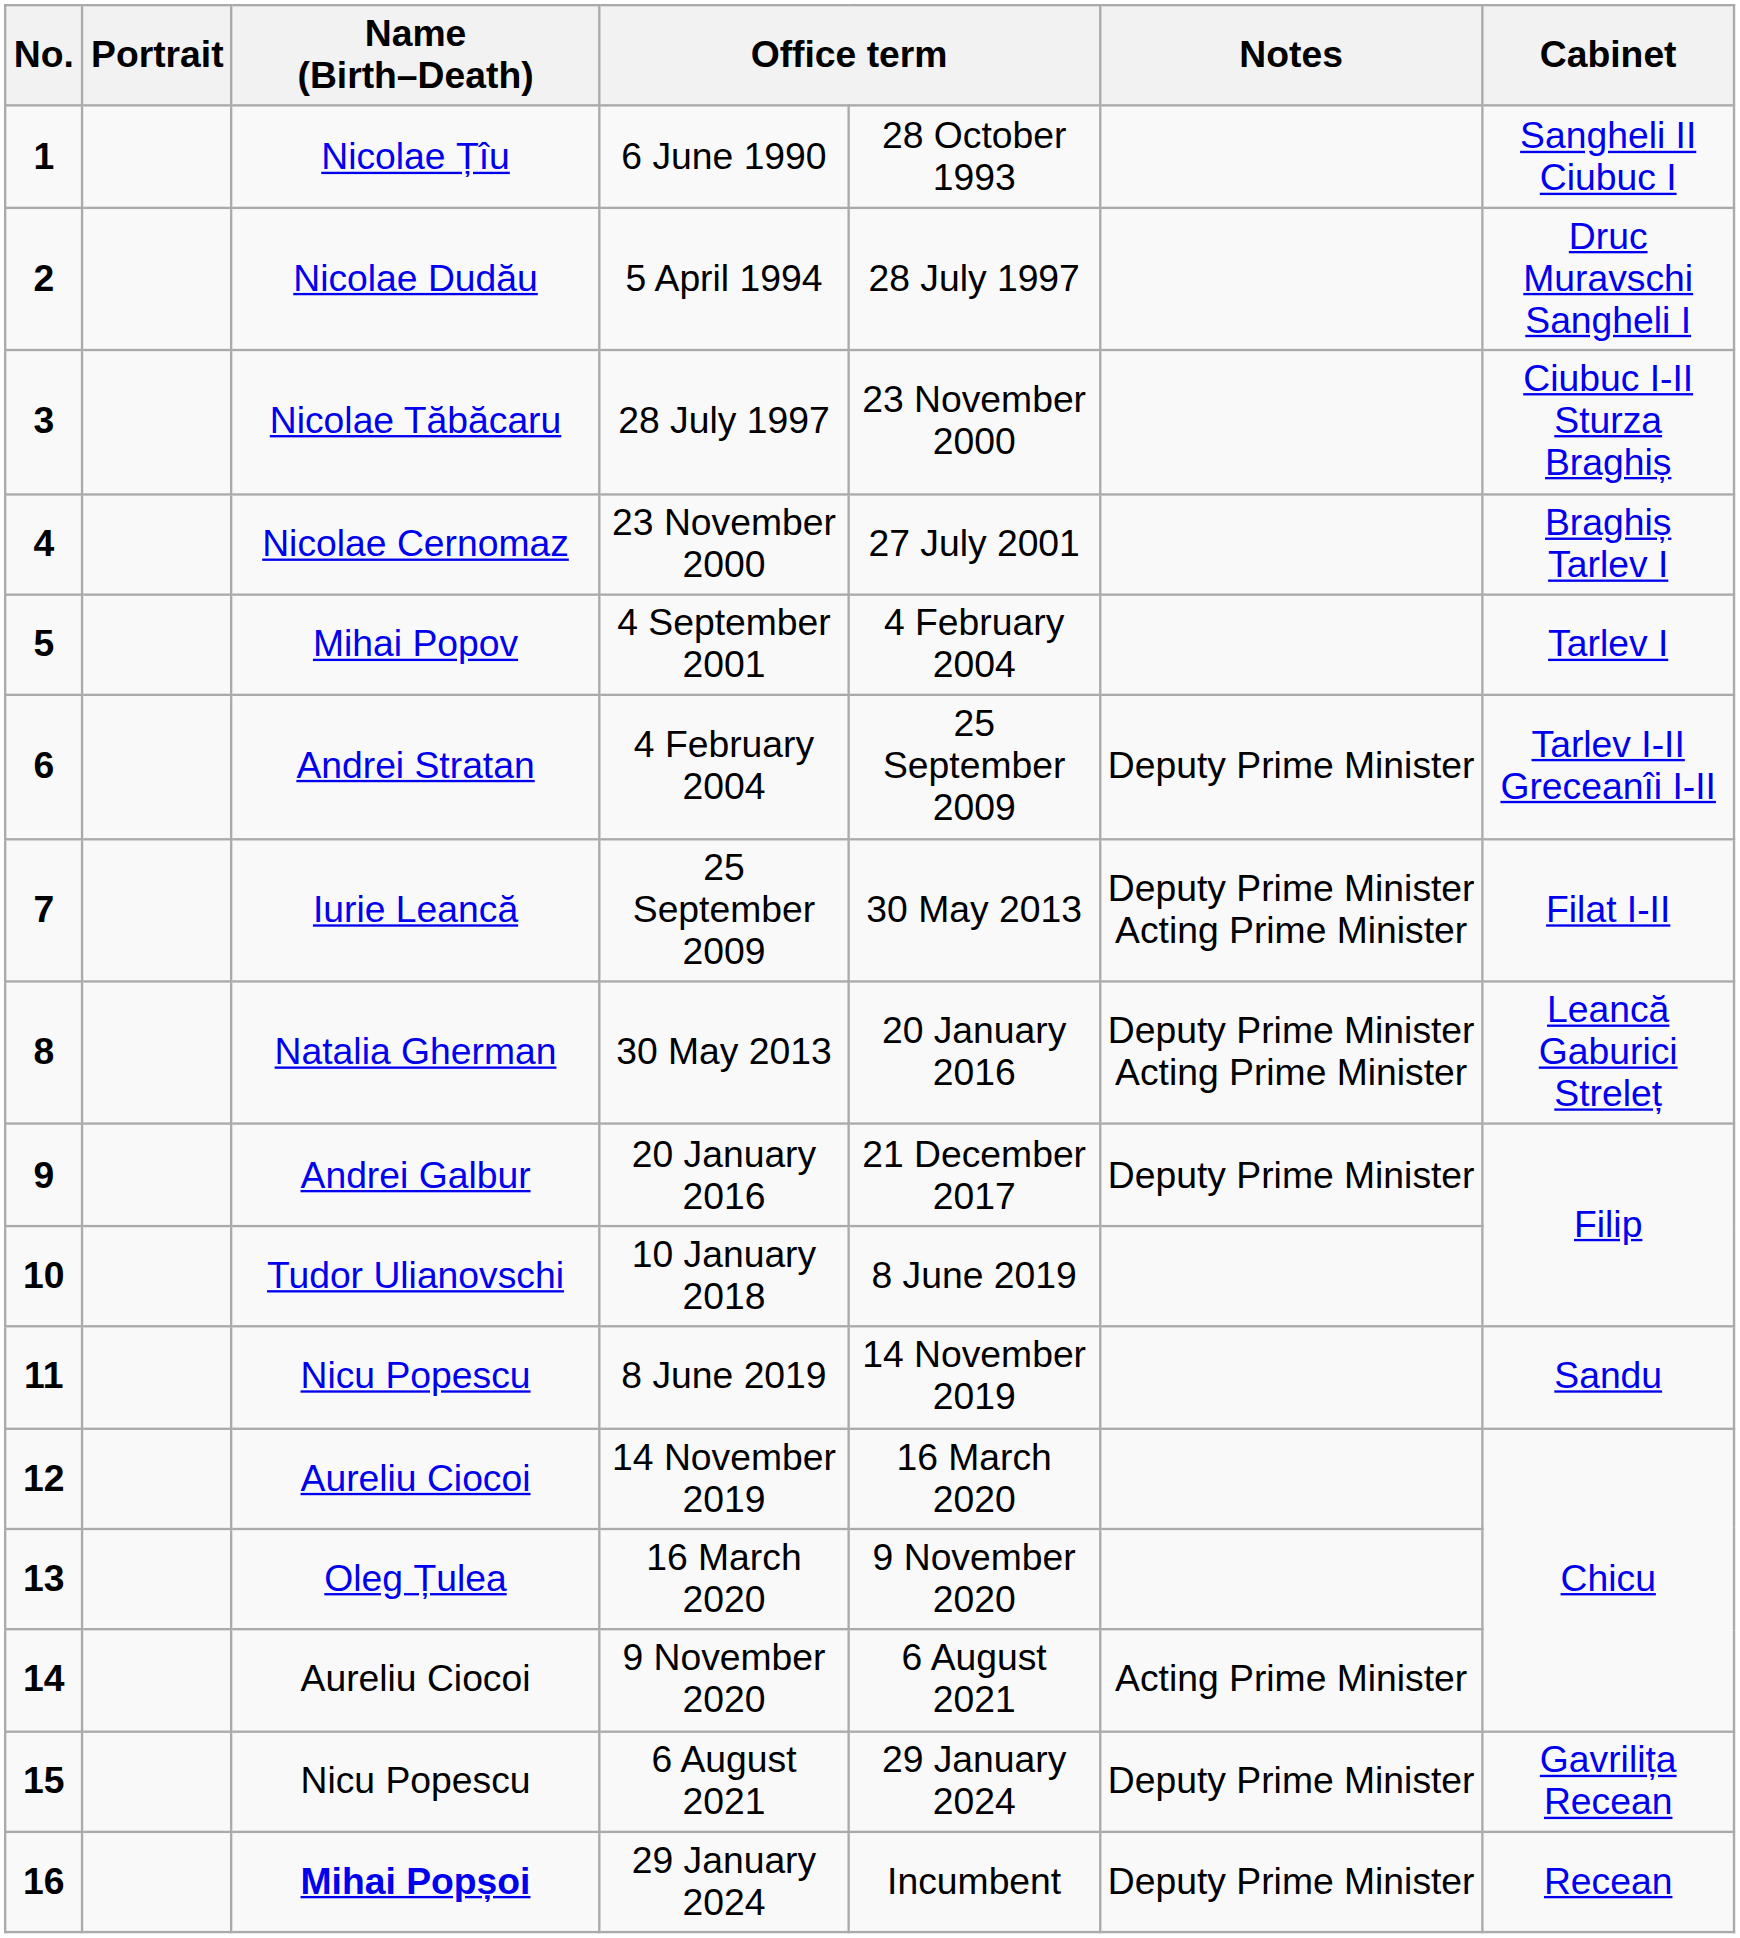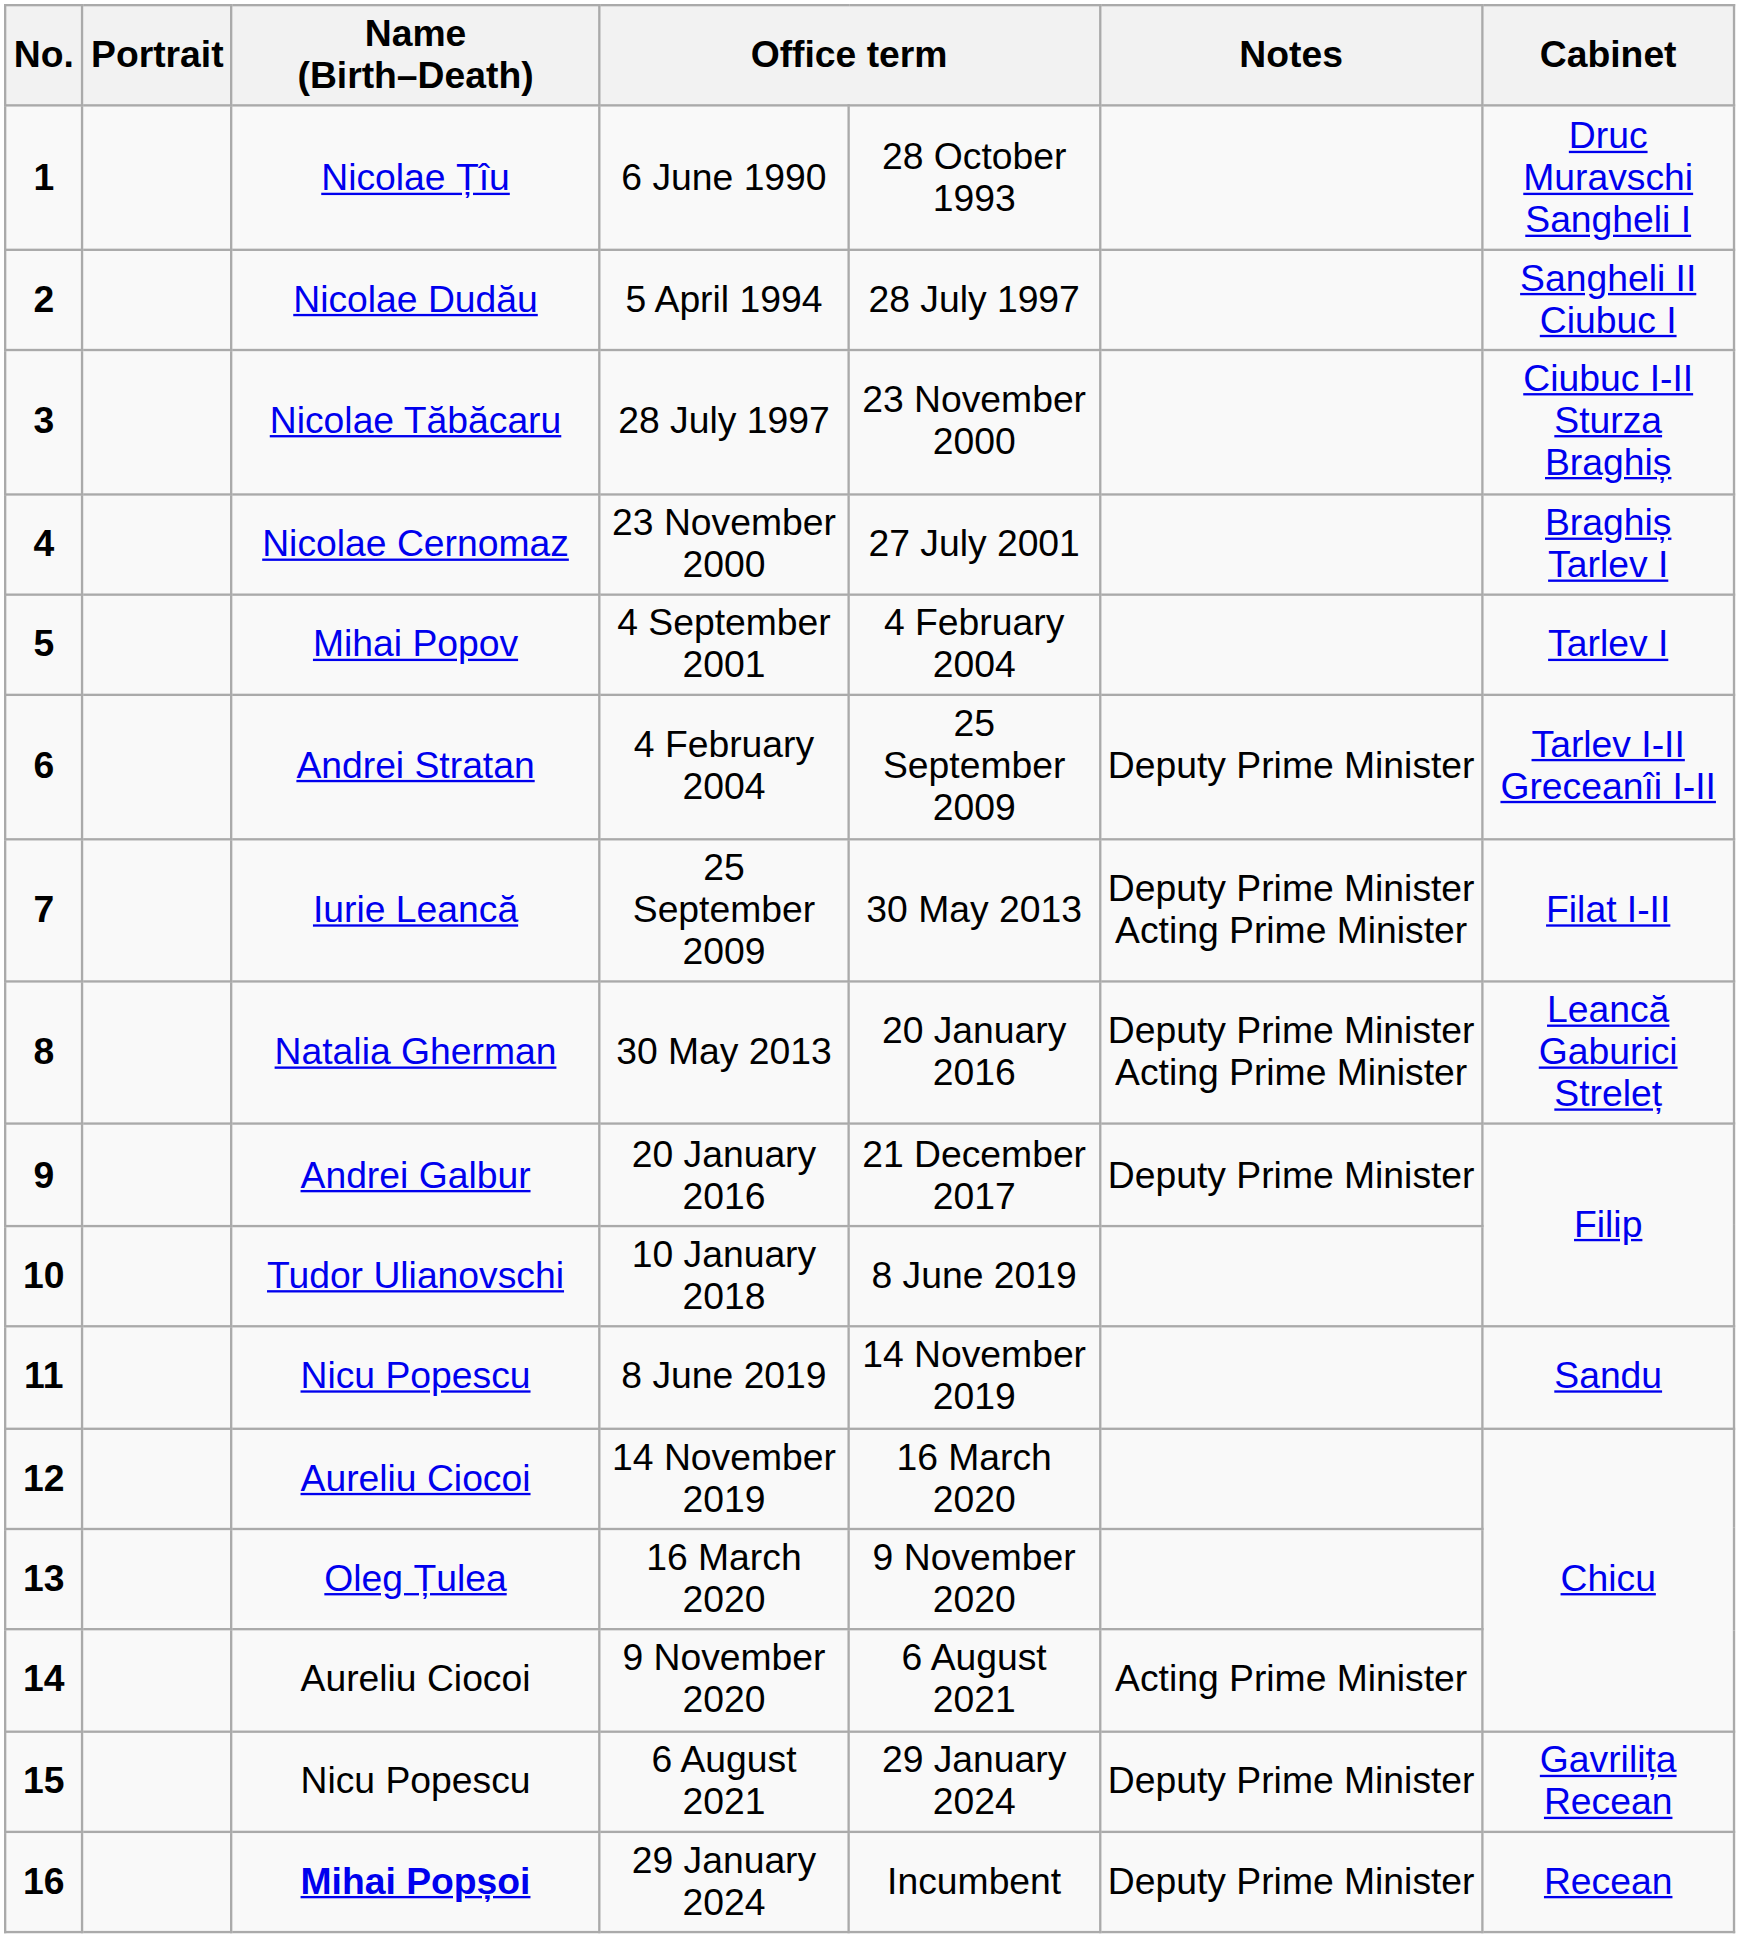 <table class="wikitable" style="text-align:center;">
 <tr>
 <th>No.</th>
 <th scope="col">Portrait</th>
 <th scope="col">Name<br>(Birth–Death)</th>
 <th colspan="2" scope="col">Office term</th>
 <th>Notes</th>
 <th>Cabinet</th>
 </tr>
 <tr>
 <td><strong>1</strong></td>
 <td></td>
 <td width="150" style="text-align: center;"><a href='#'>Nicolae Țîu</a><br></td>
 <td width="100" style="text-align: center;">6 June 1990</td>
 <td width="100" style="text-align: center;">28 October 1993</td>
 <td></td>
-<td width="100" style="text-align: center;"><a href='#'>Sangheli II</a><br><a href='#'>Ciubuc I</a></td>
+<td width="100" style="text-align: center;"><a href='#'>Druc</a><br><a href='#'>Muravschi</a> <a href='#'>Sangheli I</a></td>
 </tr>
 <tr>
 <td><strong>2</strong></td>
 <td></td>
 <td width="150" style="text-align: center;"><a href='#'>Nicolae Dudău</a><br></td>
 <td width="100" style="text-align: center;">5 April 1994</td>
 <td width="100" style="text-align: center;">28 July 1997</td>
 <td></td>
-<td width="100" style="text-align: center;"><a href='#'>Druc</a><br><a href='#'>Muravschi</a> <a href='#'>Sangheli I</a></td>
+<td width="100" style="text-align: center;"><a href='#'>Sangheli II</a><br><a href='#'>Ciubuc I</a></td>
 </tr>
 <tr>
 <td><strong>3</strong></td>
 <td></td>
 <td width="150" style="text-align: center;"><a href='#'>Nicolae Tăbăcaru</a><br></td>
 <td width="100" style="text-align: center;">28 July 1997</td>
 <td width="100" style="text-align: center;">23 November 2000</td>
 <td></td>
 <td width="100" style="text-align: center;"><a href='#'>Ciubuc I-II</a><br><a href='#'>Sturza</a><br><a href='#'>Braghiș</a></td>
 </tr>
 <tr>
 <td><strong>4</strong></td>
 <td></td>
 <td width="150" style="text-align: center;"><a href='#'>Nicolae Cernomaz</a><br></td>
 <td width="100" style="text-align: center;">23 November 2000</td>
 <td width="100" style="text-align: center;">27 July 2001</td>
 <td></td>
 <td width="100" style="text-align: center;"><a href='#'>Braghiș</a><br><a href='#'>Tarlev I</a></td>
 </tr>
 <tr>
 <td><strong>5</strong></td>
 <td></td>
 <td width="150" style="text-align: center;"><a href='#'>Mihai Popov</a><br></td>
 <td width="100" style="text-align: center;">4 September 2001</td>
 <td width="100" style="text-align: center;">4 February 2004</td>
 <td></td>
 <td width="100" style="text-align: center;"><a href='#'>Tarlev I</a></td>
 </tr>
 <tr>
 <td><strong>6</strong></td>
 <td></td>
 <td width="150" style="text-align: center;"><a href='#'>Andrei Stratan</a><br></td>
 <td width="100" style="text-align: center;">4 February 2004</td>
 <td width="100" style="text-align: center;">25 September 2009</td>
 <td>Deputy Prime Minister</td>
 <td width="100" style="text-align: center;"><a href='#'>Tarlev I-II</a><br><a href='#'>Greceanîi I-II</a></td>
 </tr>
 <tr>
 <td><strong>7</strong></td>
 <td></td>
 <td width="150" style="text-align: center;"><a href='#'>Iurie Leancă</a><br></td>
 <td width="100" style="text-align: center;">25 September 2009</td>
 <td width="100" style="text-align: center;">30 May 2013</td>
 <td>Deputy Prime Minister<br>Acting Prime Minister</td>
 <td width="100" style="text-align: center;"><a href='#'>Filat I-II</a></td>
 </tr>
 <tr>
 <td><strong>8</strong></td>
 <td></td>
 <td width="150" style="text-align: center;"><a href='#'>Natalia Gherman</a><br></td>
 <td width="100" style="text-align: center;">30 May 2013</td>
 <td width="100" style="text-align: center;">20 January 2016</td>
 <td>Deputy Prime Minister<br>Acting Prime Minister</td>
 <td width="100" style="text-align: center;"><a href='#'>Leancă</a><br><a href='#'>Gaburici</a><br><a href='#'>Streleț</a></td>
 </tr>
 <tr>
 <td><strong>9</strong></td>
 <td></td>
 <td width="150" style="text-align: center;"><a href='#'>Andrei Galbur</a><br></td>
 <td width="100" style="text-align: center;">20 January 2016</td>
 <td width="100" style="text-align: center;">21 December 2017</td>
 <td>Deputy Prime Minister</td>
 <td rowspan="2" width="100" style="text-align: center;"><a href='#'>Filip</a></td>
 </tr>
 <tr>
 <td><strong>10</strong></td>
 <td></td>
 <td width="150" style="text-align: center;"><a href='#'>Tudor Ulianovschi</a><br></td>
 <td width="100" style="text-align: center;">10 January 2018</td>
 <td width="100" style="text-align: center;">8 June 2019</td>
 <td></td>
 </tr>
 <tr>
 <td><strong>11</strong></td>
 <td></td>
 <td width="150" style="text-align: center;"><a href='#'>Nicu Popescu</a><br></td>
 <td width="100" style="text-align: center;">8 June 2019</td>
 <td width="100" style="text-align: center;">14 November 2019</td>
 <td></td>
 <td width="100" style="text-align: center;"><a href='#'>Sandu</a></td>
 </tr>
 <tr>
 <td><strong>12</strong></td>
 <td></td>
 <td width="150" style="text-align: center;"><a href='#'>Aureliu Ciocoi</a><br></td>
 <td width="100" style="text-align: center;">14 November 2019</td>
 <td width="100" style="text-align: center;">16 March 2020</td>
 <td></td>
 <td rowspan="3" width="100" style="text-align: center;"><a href='#'>Chicu</a></td>
 </tr>
 <tr>
 <td><strong>13</strong></td>
 <td></td>
 <td width="150" style="text-align: center;"><a href='#'>Oleg Țulea</a><br></td>
 <td width="100" style="text-align: center;">16 March 2020</td>
 <td width="100" style="text-align: center;">9 November 2020</td>
 <td></td>
 </tr>
 <tr>
 <td><strong>14</strong></td>
 <td></td>
 <td width="150" style="text-align: center;">Aureliu Ciocoi<br></td>
 <td width="100" style="text-align: center;">9 November 2020</td>
 <td width="100" style="text-align: center;">6 August 2021</td>
 <td>Acting Prime Minister</td>
 </tr>
 <tr>
 <td><strong>15</strong></td>
 <td></td>
 <td width="150" style="text-align: center;">Nicu Popescu<br></td>
 <td width="100" style="text-align: center;">6 August 2021</td>
 <td width="100" style="text-align: center;">29 January 2024</td>
 <td>Deputy Prime Minister</td>
 <td width="100" style="text-align: center;"><a href='#'>Gavrilița</a><br><a href='#'>Recean</a></td>
 </tr>
 <tr>
 <td><strong>16</strong></td>
 <td></td>
 <td width="150" style="text-align: center;"><strong><a href='#'>Mihai Popșoi</a></strong><br></td>
 <td width="100" style="text-align: center;">29 January 2024</td>
 <td width="100" style="text-align: center;">Incumbent</td>
 <td>Deputy Prime Minister</td>
 <td width="100" style="text-align: center;"><a href='#'>Recean</a></td>
 </tr>
 </table>
